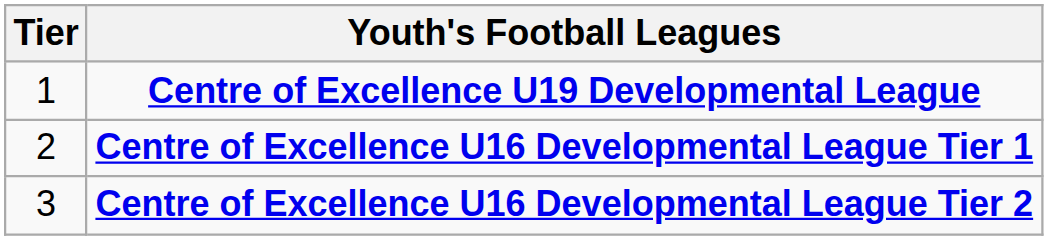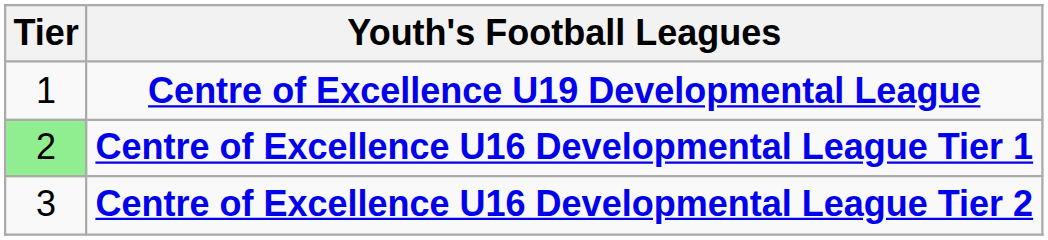 <table class="wikitable" style="text-align: center;">
 <tr style="background:#efefef;">
 <th>Tier</th>
 <th colspan=2>Youth's Football Leagues</th>
 </tr>
 <tr>
 <td>1</td>
 <td colspan=2><strong><a href='#'>Centre of Excellence U19 Developmental League</a></strong></td>
 </tr>
 <tr>
-<td>2</td>
+<td style="background: lightgreen;">2</td>
 <td colspan=2><strong><a href='#'>Centre of Excellence U16 Developmental League Tier 1</a></strong></td>
 </tr>
 <tr>
 <td>3</td>
 <td colspan=2><strong><a href='#'>Centre of Excellence U16 Developmental League Tier 2</a></strong></td>
 </tr>
 </table>
